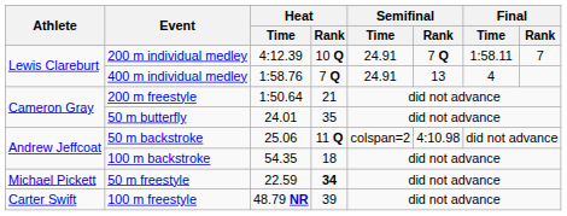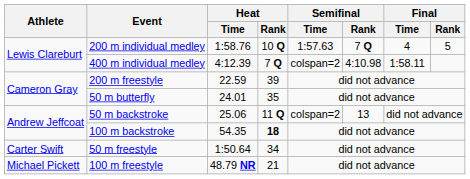 <table class=wikitable style="font-size:90%">
 <tr>
 <th rowspan="2">Athlete</th>
 <th rowspan="2">Event</th>
 <th colspan="2">Heat</th>
 <th colspan="2">Semifinal</th>
 <th colspan="2">Final</th>
 </tr>
 <tr style="font-size:95%">
 <th>Time</th>
 <th>Rank</th>
 <th>Time</th>
 <th>Rank</th>
 <th>Time</th>
 <th>Rank</th>
 </tr>
 <tr style="text-align:center">
 <td style="text-align:left" rowspan=2><a href='#'>Lewis Clareburt</a></td>
 <td style="text-align:left"><a href='#'>200 m individual medley</a></td>
-<td>4:12.39</td>
+<td>1:58.76</td>
 <td>10 <strong>Q</strong></td>
-<td>24.91</td>
+<td>1:57.63</td>
 <td>7 <strong>Q</strong></td>
-<td>1:58.11</td>
-<td>7</td>
+<td>4</td>
+<td>5</td>
 </tr>
 <tr style="text-align:center">
 <td style="text-align:left"><a href='#'>400 m individual medley</a></td>
-<td>1:58.76</td>
+<td>4:12.39</td>
 <td>7 <strong>Q</strong></td>
-<td>24.91</td>
-<td>13</td>
-<td>4</td>
+<td>colspan=2 </td>
+<td>4:10.98</td>
+<td>1:58.11</td>
 </tr>
 <tr style="text-align:center">
 <td style="text-align:left" rowspan=2><a href='#'>Cameron Gray</a></td>
 <td style="text-align:left"><a href='#'>200 m freestyle</a></td>
-<td>1:50.64</td>
-<td>21</td>
+<td>22.59</td>
+<td>39</td>
 <td colspan=4>did not advance</td>
 </tr>
 <tr style="text-align:center">
 <td style="text-align:left"><a href='#'>50 m butterfly</a></td>
 <td>24.01</td>
 <td>35</td>
 <td colspan=4>did not advance</td>
 </tr>
 <tr style="text-align:center">
 <td style="text-align:left" rowspan=2><a href='#'>Andrew Jeffcoat</a></td>
 <td style="text-align:left"><a href='#'>50 m backstroke</a></td>
 <td>25.06</td>
 <td>11 <strong>Q</strong></td>
 <td>colspan=2 </td>
-<td>4:10.98</td>
+<td>13</td>
 <td colspan=2>did not advance</td>
 </tr>
 <tr style="text-align:center">
 <td style="text-align:left"><a href='#'>100 m backstroke</a></td>
 <td>54.35</td>
-<td>18</td>
+<td><strong>18</strong></td>
+<td colspan=4>did not advance</td>
+</tr>
+<tr style="text-align:center">
+<td style="text-align:left"><a href='#'>Carter Swift</a></td>
+<td style="text-align:left"><a href='#'>50 m freestyle</a></td>
+<td>1:50.64</td>
+<td>34</td>
 <td colspan=4>did not advance</td>
 </tr>
 <tr style="text-align:center">
 <td style="text-align:left"><a href='#'>Michael Pickett</a></td>
-<td style="text-align:left"><a href='#'>50 m freestyle</a></td>
-<td>22.59</td>
-<td><strong>34</strong></td>
-<td colspan=4>did not advance</td>
-</tr>
-<tr style="text-align:center">
-<td style="text-align:left"><a href='#'>Carter Swift</a></td>
 <td style="text-align:left"><a href='#'>100 m freestyle</a></td>
 <td>48.79 <strong><a href='#'>NR</a></strong></td>
-<td>39</td>
+<td>21</td>
 <td colspan=4>did not advance</td>
 </tr>
 </table>
